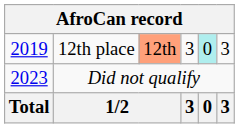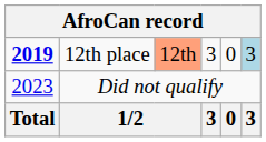 <table class="wikitable" style="text-align:center;">
 <tr>
 <th colspan="6">AfroCan record</th>
 </tr>
 <tr>
-<td> <a href='#'>2019</a></td>
+<td><strong> <a href='#'>2019</a></strong></td>
 <td>12th place</td>
 <td style="background: lightsalmon;">12th</td>
 <td>3</td>
-<td style="background: paleturquoise;">0</td>
-<td>3</td>
+<td>0</td>
+<td style="background: lightblue;">3</td>
 </tr>
 <tr>
 <td> <a href='#'>2023</a></td>
 <td colspan=5><em>Did not qualify</em></td>
 </tr>
 <tr>
 <th>Total</th>
 <th colspan="2">1/2</th>
 <th>3</th>
 <th>0</th>
 <th>3</th>
 </tr>
 </table>
